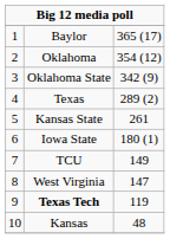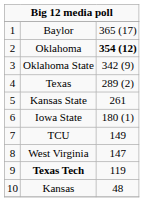 <table class="wikitable" style="display: inline-table;">
 <tr>
 <td align="center" Colspan="3"><strong>Big 12 media poll</strong></td>
 </tr>
 <tr align="center">
 </tr>
 <tr align="center">
 <td>1</td>
 <td>Baylor</td>
 <td>365 (17)</td>
 </tr>
 <tr align="center">
 <td>2</td>
 <td>Oklahoma</td>
-<td>354 (12)</td>
+<td><strong>354 (12)</strong></td>
 </tr>
 <tr align="center">
 <td>3</td>
 <td>Oklahoma State</td>
 <td>342 (9)</td>
 </tr>
 <tr align="center">
 <td>4</td>
 <td>Texas</td>
 <td>289 (2)</td>
 </tr>
 <tr align="center">
 <td>5</td>
 <td>Kansas State</td>
 <td>261</td>
 </tr>
 <tr align="center">
 <td>6</td>
 <td>Iowa State</td>
 <td>180 (1)</td>
 </tr>
 <tr align="center">
 <td>7</td>
 <td>TCU</td>
 <td>149</td>
 </tr>
 <tr align="center">
 <td>8</td>
 <td>West Virginia</td>
 <td>147</td>
 </tr>
 <tr align="center">
 <td>9</td>
 <td><strong>Texas Tech</strong></td>
 <td>119</td>
 </tr>
 <tr align="center">
 <td>10</td>
 <td>Kansas</td>
 <td>48</td>
 </tr>
 <tr>
 </tr>
 </table>
